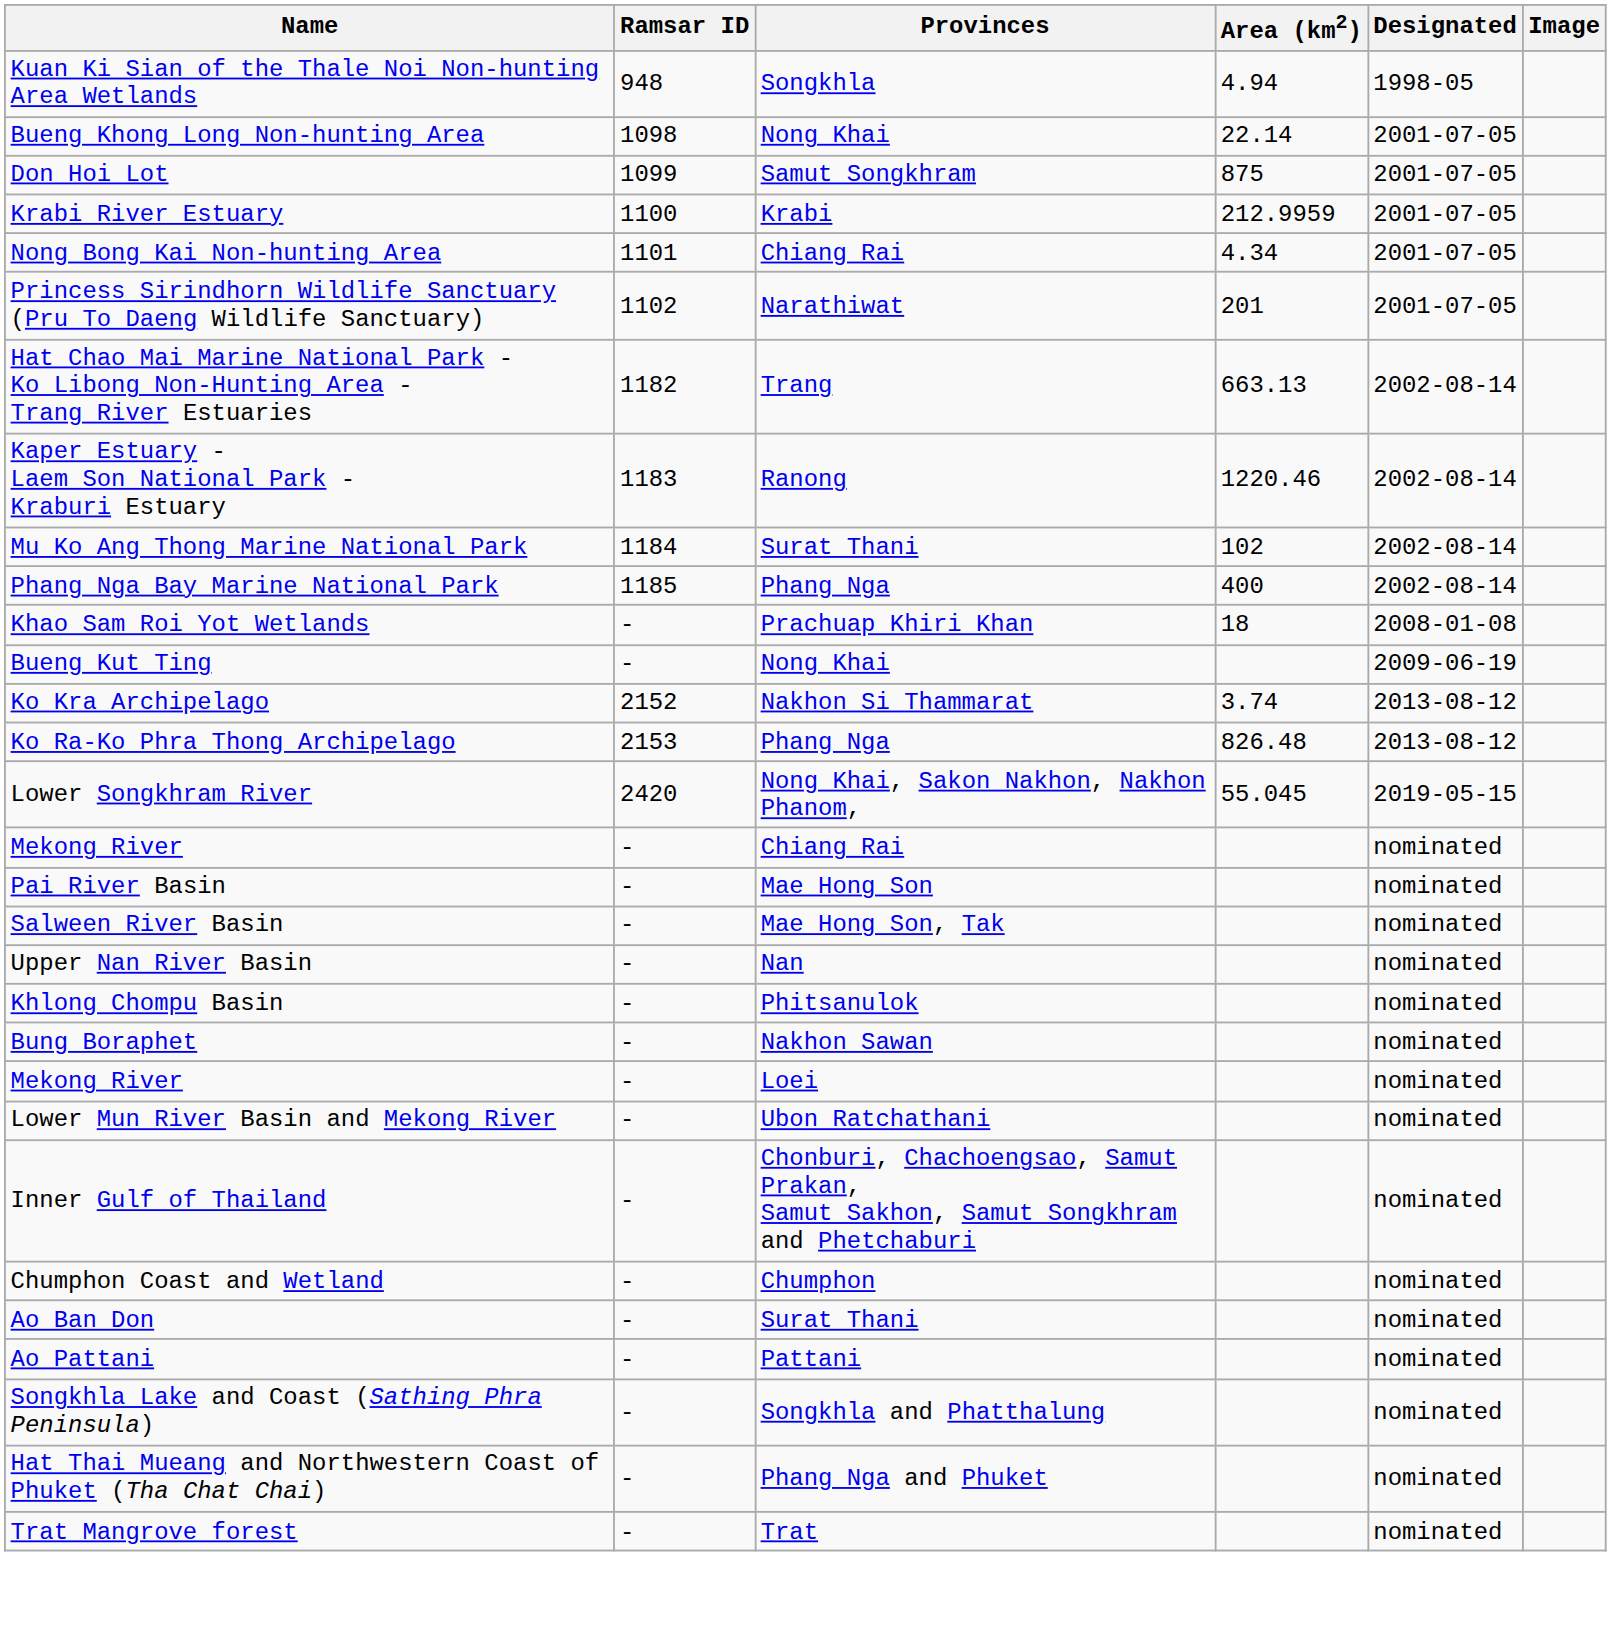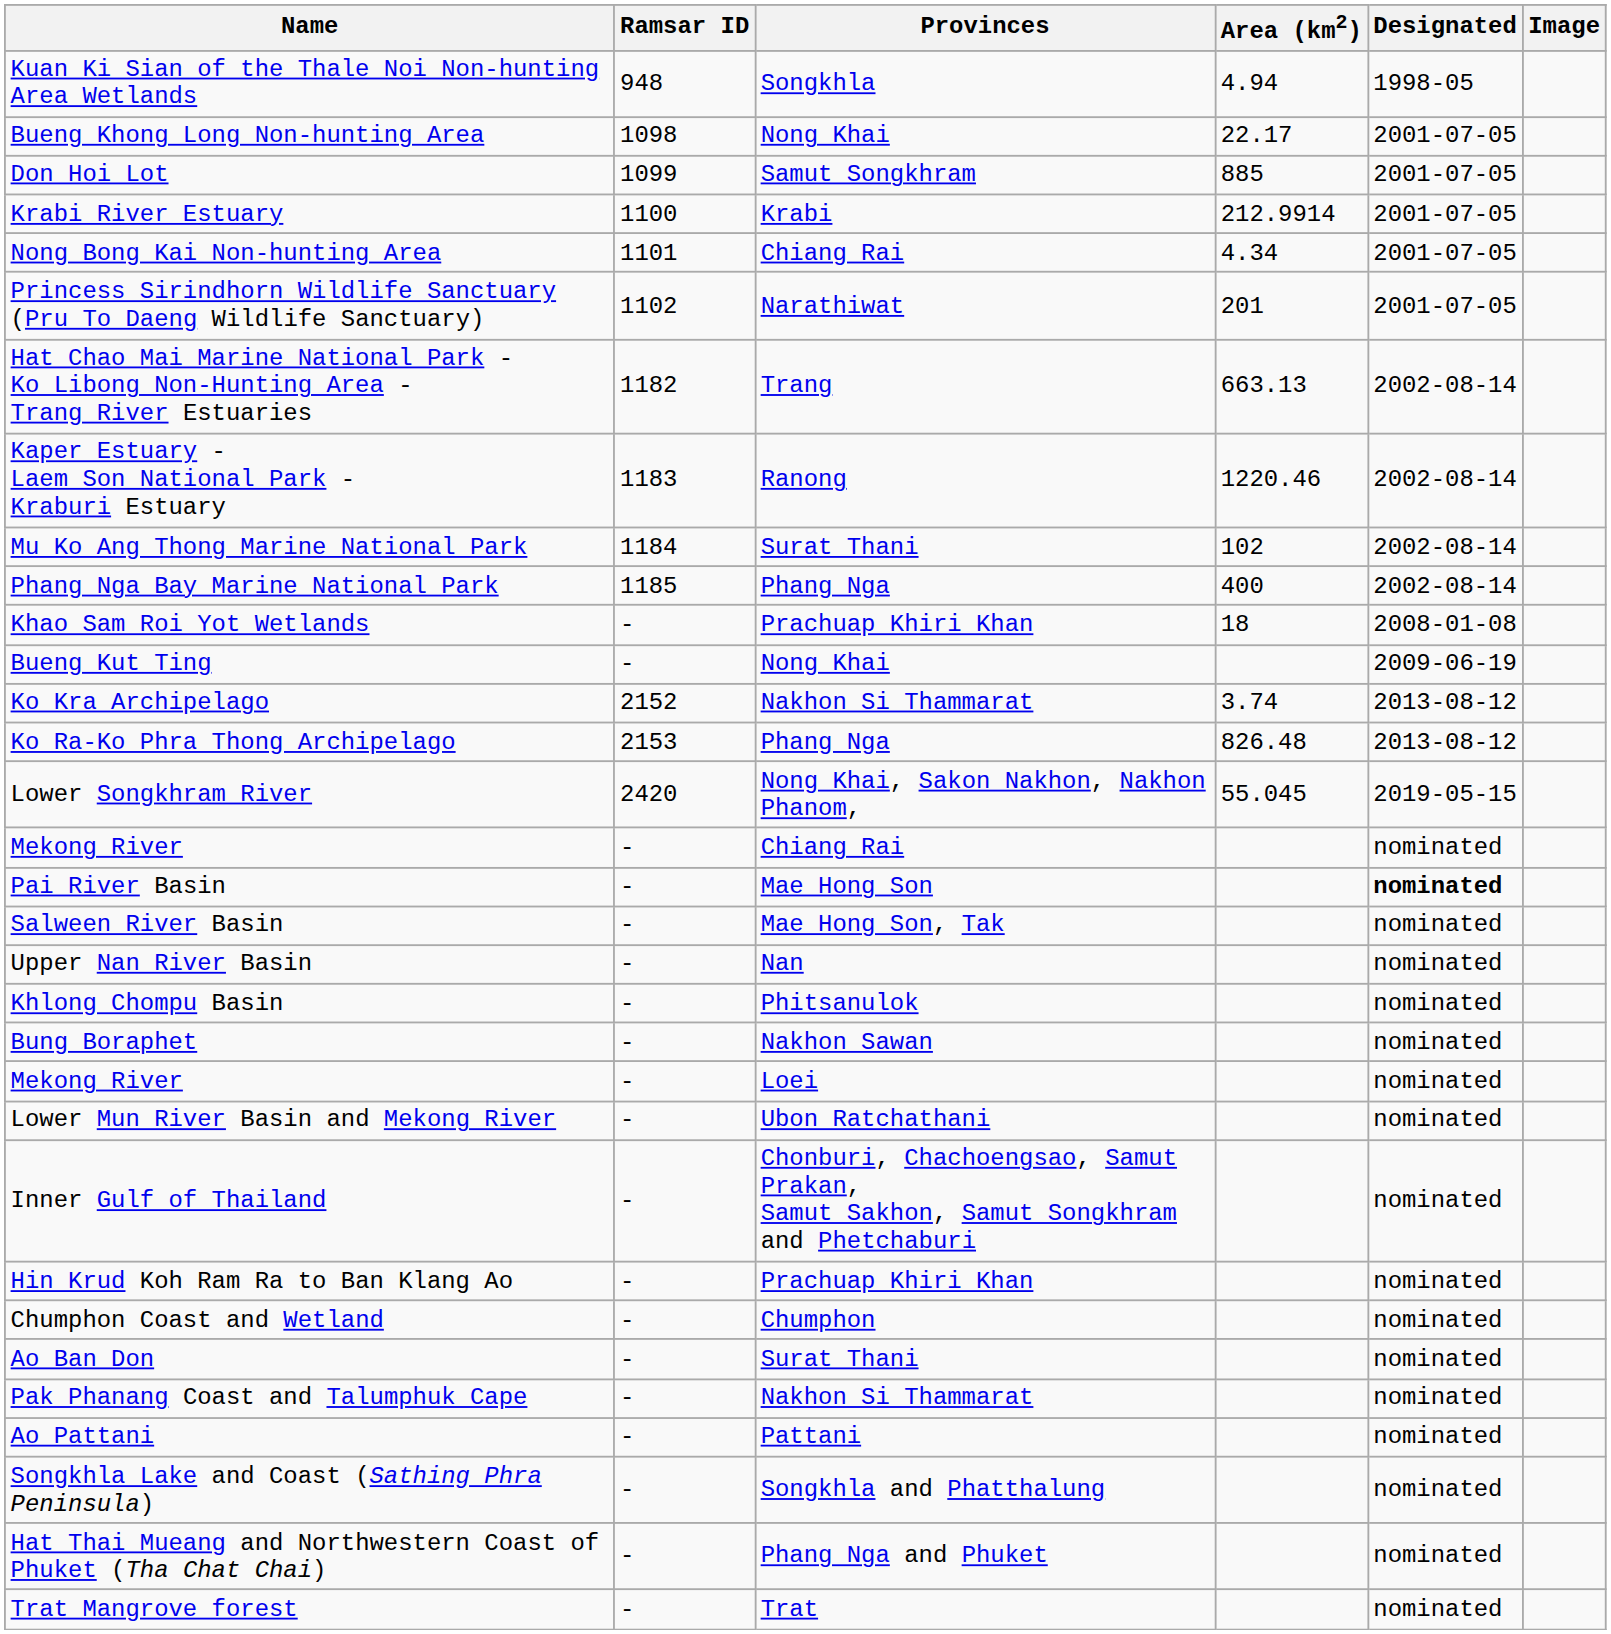 <table class="wikitable sortable">
 <tr>
 <th style="background-color:">Name</th>
 <th style="background-color:">Ramsar ID</th>
 <th style="background-color:">Provinces</th>
 <th style="background-color:">Area (km<sup>2</sup>)</th>
 <th style="background-color:">Designated</th>
 <th style="background-color:">Image</th>
 </tr>
 <tr>
 <td><a href='#'>Kuan Ki Sian of the Thale Noi Non-hunting Area Wetlands</a></td>
 <td>948</td>
 <td><a href='#'>Songkhla</a></td>
 <td>4.94</td>
 <td>1998-05</td>
 <td></td>
 </tr>
 <tr>
 <td><a href='#'>Bueng Khong Long Non-hunting Area</a></td>
 <td>1098</td>
 <td><a href='#'>Nong Khai</a></td>
-<td>22.14</td>
+<td>22.17</td>
 <td>2001-07-05</td>
 <td></td>
 </tr>
 <tr>
 <td><a href='#'>Don Hoi Lot</a></td>
 <td>1099</td>
 <td><a href='#'>Samut Songkhram</a></td>
-<td>875</td>
+<td>885</td>
 <td>2001-07-05</td>
 <td></td>
 </tr>
 <tr>
 <td><a href='#'>Krabi River Estuary</a></td>
 <td>1100</td>
 <td><a href='#'>Krabi</a></td>
-<td>212.9959</td>
+<td>212.9914</td>
 <td>2001-07-05</td>
 <td></td>
 </tr>
 <tr>
 <td><a href='#'>Nong Bong Kai Non-hunting Area</a></td>
 <td>1101</td>
 <td><a href='#'>Chiang Rai</a></td>
 <td>4.34</td>
 <td>2001-07-05</td>
 <td></td>
 </tr>
 <tr>
 <td><a href='#'>Princess Sirindhorn Wildlife Sanctuary</a><br>(<a href='#'>Pru To Daeng</a> Wildlife Sanctuary)</td>
 <td>1102</td>
 <td><a href='#'>Narathiwat</a></td>
 <td>201</td>
 <td>2001-07-05</td>
 <td></td>
 </tr>
 <tr>
 <td><a href='#'>Hat Chao Mai Marine National Park</a> -<br><a href='#'>Ko Libong Non-Hunting Area</a> -<br><a href='#'>Trang River</a> Estuaries</td>
 <td>1182</td>
 <td><a href='#'>Trang</a></td>
 <td>663.13</td>
 <td>2002-08-14</td>
 <td></td>
 </tr>
 <tr>
 <td><a href='#'>Kaper Estuary</a> -<br><a href='#'>Laem Son National Park</a> -<br><a href='#'>Kraburi</a> Estuary</td>
 <td>1183</td>
 <td><a href='#'>Ranong</a></td>
 <td>1220.46</td>
 <td>2002-08-14</td>
 <td></td>
 </tr>
 <tr>
 <td><a href='#'>Mu Ko Ang Thong Marine National Park</a></td>
 <td>1184</td>
 <td><a href='#'>Surat Thani</a></td>
 <td>102</td>
 <td>2002-08-14</td>
 <td><br></td>
 </tr>
 <tr>
 <td><a href='#'>Phang Nga Bay Marine National Park</a></td>
 <td>1185</td>
 <td><a href='#'>Phang Nga</a></td>
 <td>400</td>
 <td>2002-08-14</td>
 <td></td>
 </tr>
 <tr>
 <td><a href='#'>Khao Sam Roi Yot Wetlands</a></td>
 <td>-</td>
 <td><a href='#'>Prachuap Khiri Khan</a></td>
 <td>18</td>
 <td>2008-01-08</td>
 <td></td>
 </tr>
 <tr>
 <td><a href='#'>Bueng Kut Ting</a></td>
 <td>-</td>
 <td><a href='#'>Nong Khai</a></td>
 <td></td>
 <td>2009-06-19</td>
 <td></td>
 </tr>
 <tr>
 <td><a href='#'>Ko Kra Archipelago</a></td>
 <td>2152</td>
 <td><a href='#'>Nakhon Si Thammarat</a></td>
 <td>3.74</td>
 <td>2013-08-12</td>
 <td></td>
 </tr>
 <tr>
 <td><a href='#'>Ko Ra-Ko Phra Thong Archipelago</a></td>
 <td>2153</td>
 <td><a href='#'>Phang Nga</a></td>
 <td>826.48</td>
 <td>2013-08-12</td>
 <td></td>
 </tr>
 <tr>
 <td>Lower <a href='#'>Songkhram River</a></td>
 <td>2420</td>
 <td><a href='#'>Nong Khai</a>, <a href='#'>Sakon Nakhon</a>, <a href='#'>Nakhon Phanom</a>,</td>
 <td>55.045</td>
 <td>2019-05-15</td>
 <td></td>
 </tr>
 <tr>
 <td><a href='#'>Mekong River</a></td>
 <td>-</td>
 <td><a href='#'>Chiang Rai</a></td>
 <td></td>
 <td>nominated</td>
 <td></td>
 </tr>
 <tr>
 <td><a href='#'>Pai River</a> Basin</td>
 <td>-</td>
 <td><a href='#'>Mae Hong Son</a></td>
 <td></td>
-<td>nominated</td>
+<td><strong>nominated</strong></td>
 <td><br></td>
 </tr>
 <tr>
 <td><a href='#'>Salween River</a> Basin</td>
 <td>-</td>
 <td><a href='#'>Mae Hong Son</a>, <a href='#'>Tak</a></td>
 <td></td>
 <td>nominated</td>
 <td></td>
 </tr>
 <tr>
 <td>Upper <a href='#'>Nan River</a> Basin</td>
 <td>-</td>
 <td><a href='#'>Nan</a></td>
 <td></td>
 <td>nominated</td>
 <td></td>
 </tr>
 <tr>
 <td><a href='#'>Khlong Chompu</a> Basin</td>
 <td>-</td>
 <td><a href='#'>Phitsanulok</a></td>
 <td></td>
 <td>nominated</td>
 <td></td>
 </tr>
 <tr>
 <td><a href='#'>Bung Boraphet</a></td>
 <td>-</td>
 <td><a href='#'>Nakhon Sawan</a></td>
 <td></td>
 <td>nominated</td>
 <td></td>
 </tr>
 <tr>
 <td><a href='#'>Mekong River</a></td>
 <td>-</td>
 <td><a href='#'>Loei</a></td>
 <td></td>
 <td>nominated</td>
 <td></td>
 </tr>
 <tr>
 <td>Lower <a href='#'>Mun River</a> Basin and <a href='#'>Mekong River</a></td>
 <td>-</td>
 <td><a href='#'>Ubon Ratchathani</a></td>
 <td></td>
 <td>nominated</td>
 <td></td>
 </tr>
 <tr>
 <td>Inner <a href='#'>Gulf of Thailand</a></td>
 <td>-</td>
 <td><a href='#'>Chonburi</a>, <a href='#'>Chachoengsao</a>, <a href='#'>Samut Prakan</a>,<br><a href='#'>Samut Sakhon</a>, <a href='#'>Samut Songkhram</a> and <a href='#'>Phetchaburi</a></td>
 <td></td>
 <td>nominated</td>
 <td></td>
 </tr>
 <tr>
+<td><a href='#'>Hin Krud</a> Koh Ram Ra to Ban Klang Ao</td>
+<td>-</td>
+<td><a href='#'>Prachuap Khiri Khan</a></td>
+<td></td>
+<td>nominated</td>
+<td></td>
+</tr>
+<tr>
 <td>Chumphon Coast and <a href='#'>Wetland</a></td>
 <td>-</td>
 <td><a href='#'>Chumphon</a></td>
 <td></td>
 <td>nominated</td>
 <td></td>
 </tr>
 <tr>
 <td><a href='#'>Ao Ban Don</a></td>
 <td>-</td>
 <td><a href='#'>Surat Thani</a></td>
+<td></td>
+<td>nominated</td>
+<td></td>
+</tr>
+<tr>
+<td><a href='#'>Pak Phanang</a> Coast and <a href='#'>Talumphuk Cape</a></td>
+<td>-</td>
+<td><a href='#'>Nakhon Si Thammarat</a></td>
 <td></td>
 <td>nominated</td>
 <td></td>
 </tr>
 <tr>
 <td><a href='#'>Ao Pattani</a></td>
 <td>-</td>
 <td><a href='#'>Pattani</a></td>
 <td></td>
 <td>nominated</td>
 <td></td>
 </tr>
 <tr>
 <td><a href='#'>Songkhla Lake</a> and Coast (<em><a href='#'>Sathing Phra</a> Peninsula</em>)</td>
 <td>-</td>
 <td><a href='#'>Songkhla</a> and <a href='#'>Phatthalung</a></td>
 <td></td>
 <td>nominated</td>
 <td></td>
 </tr>
 <tr>
 <td><a href='#'>Hat Thai Mueang</a> and Northwestern Coast of <a href='#'>Phuket</a> (<em>Tha Chat Chai</em>)</td>
 <td>-</td>
 <td><a href='#'>Phang Nga</a> and <a href='#'>Phuket</a></td>
 <td></td>
 <td>nominated</td>
 <td></td>
 </tr>
 <tr>
 <td><a href='#'>Trat Mangrove forest</a></td>
 <td>-</td>
 <td><a href='#'>Trat</a></td>
 <td></td>
 <td>nominated</td>
 <td></td>
 </tr>
 </table>
